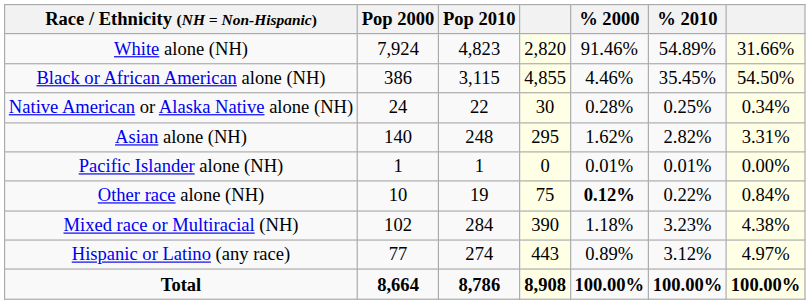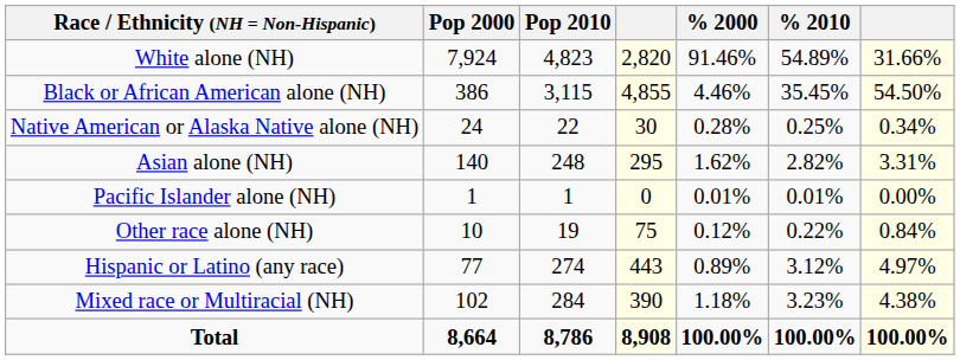 <table class="wikitable"  style="text-align:center;">
 <tr>
 <th>Race / Ethnicity <small>(<em>NH = Non-Hispanic</em>)</small></th>
 <th>Pop 2000</th>
 <th>Pop 2010</th>
 <th></th>
 <th>% 2000</th>
 <th>% 2010</th>
 <th></th>
 </tr>
 <tr>
 <td><a href='#'>White</a> alone (NH)</td>
 <td>7,924</td>
 <td>4,823</td>
 <td style='background: #ffffe6;'>2,820</td>
 <td>91.46%</td>
 <td>54.89%</td>
 <td style='background: #ffffe6;'>31.66%</td>
 </tr>
 <tr>
 <td><a href='#'>Black or African American</a> alone (NH)</td>
 <td>386</td>
 <td>3,115</td>
 <td style='background: #ffffe6;'>4,855</td>
 <td>4.46%</td>
 <td>35.45%</td>
 <td style='background: #ffffe6;'>54.50%</td>
 </tr>
 <tr>
 <td><a href='#'>Native American</a> or <a href='#'>Alaska Native</a> alone (NH)</td>
 <td>24</td>
 <td>22</td>
 <td style='background: #ffffe6;'>30</td>
 <td>0.28%</td>
 <td>0.25%</td>
 <td style='background: #ffffe6;'>0.34%</td>
 </tr>
 <tr>
 <td><a href='#'>Asian</a> alone (NH)</td>
 <td>140</td>
 <td>248</td>
 <td style='background: #ffffe6;'>295</td>
 <td>1.62%</td>
 <td>2.82%</td>
 <td style='background: #ffffe6;'>3.31%</td>
 </tr>
 <tr>
 <td><a href='#'>Pacific Islander</a> alone (NH)</td>
 <td>1</td>
 <td>1</td>
 <td style='background: #ffffe6;'>0</td>
 <td>0.01%</td>
 <td>0.01%</td>
 <td style='background: #ffffe6;'>0.00%</td>
 </tr>
 <tr>
 <td><a href='#'>Other race</a> alone (NH)</td>
 <td>10</td>
 <td>19</td>
 <td style='background: #ffffe6;'>75</td>
-<td><strong>0.12%</strong></td>
+<td>0.12%</td>
 <td>0.22%</td>
 <td style='background: #ffffe6;'>0.84%</td>
+</tr>
+<tr>
+<td><a href='#'>Hispanic or Latino</a> (any race)</td>
+<td>77</td>
+<td>274</td>
+<td style='background: #ffffe6;'>443</td>
+<td>0.89%</td>
+<td>3.12%</td>
+<td style='background: #ffffe6;'>4.97%</td>
 </tr>
 <tr>
 <td><a href='#'>Mixed race or Multiracial</a> (NH)</td>
 <td>102</td>
 <td>284</td>
 <td style='background: #ffffe6;'>390</td>
 <td>1.18%</td>
 <td>3.23%</td>
 <td style='background: #ffffe6;'>4.38%</td>
 </tr>
 <tr>
-<td><a href='#'>Hispanic or Latino</a> (any race)</td>
-<td>77</td>
-<td>274</td>
-<td style='background: #ffffe6;'>443</td>
-<td>0.89%</td>
-<td>3.12%</td>
-<td style='background: #ffffe6;'>4.97%</td>
-</tr>
-<tr>
 <td><strong>Total</strong></td>
 <td><strong>8,664</strong></td>
 <td><strong>8,786</strong></td>
 <td style='background: #ffffe6;'><strong>8,908</strong></td>
 <td><strong>100.00%</strong></td>
 <td><strong>100.00%</strong></td>
 <td style='background: #ffffe6;'><strong>100.00%</strong></td>
 </tr>
 </table>
